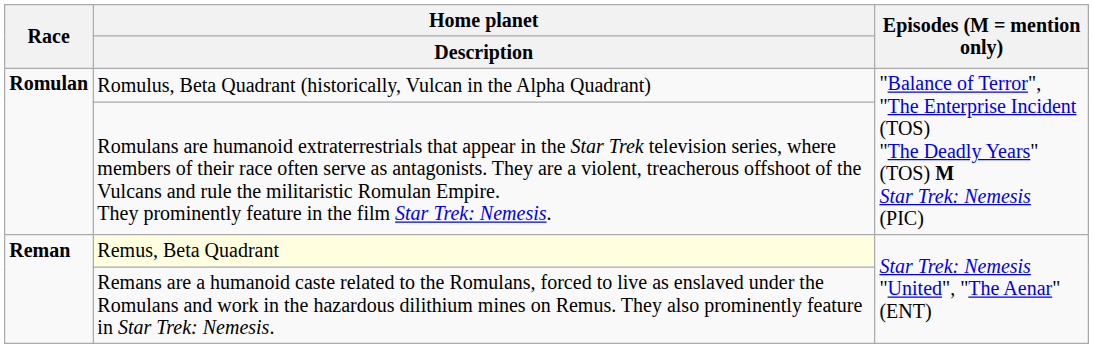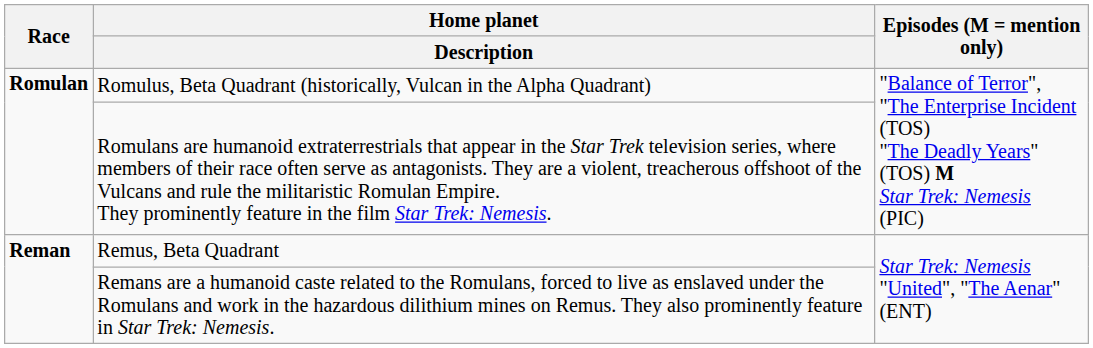 <table class="wikitable">
 <tr>
 <th rowspan="2">Race</th>
 <th>Home planet</th>
 <th rowspan="2">Episodes (M = mention only)</th>
 </tr>
 <tr>
 <th>Description</th>
 </tr>
 <tr>
 <td rowspan="2" style="vertical-align: top;"><strong>Romulan</strong> </td>
 <td>Romulus, Beta Quadrant (historically, Vulcan in the Alpha Quadrant)</td>
 <td rowspan="2">"<a href='#'>Balance of Terror</a>", "<a href='#'>The Enterprise Incident</a> (TOS)<br>"<a href='#'>The Deadly Years</a>" (TOS) <strong>M</strong><br><em><a href='#'>Star Trek: Nemesis</a></em><br>(PIC)</td>
 </tr>
 <tr>
 <td><br>Romulans are humanoid extraterrestrials that appear in the <em>Star Trek</em> television series, where members of their race often serve as antagonists. They are a violent, treacherous offshoot of the Vulcans and rule the militaristic Romulan Empire.<br>They prominently feature in the film <em><a href='#'>Star Trek: Nemesis</a></em>.</td>
 </tr>
 <tr>
 <td rowspan="2" style="vertical-align: top;"><strong>Reman</strong> </td>
-<td style="background: lightyellow;">Remus, Beta Quadrant</td>
+<td>Remus, Beta Quadrant</td>
 <td rowspan="2"><em><a href='#'>Star Trek: Nemesis</a></em><br>"<a href='#'>United</a>", "<a href='#'>The Aenar</a>" (ENT)</td>
 </tr>
 <tr>
 <td>Remans are a humanoid caste related to the Romulans, forced to live as enslaved under the Romulans and work in the hazardous dilithium mines on Remus. They also prominently feature in <em>Star Trek: Nemesis</em>.</td>
 </tr>
 </table>
